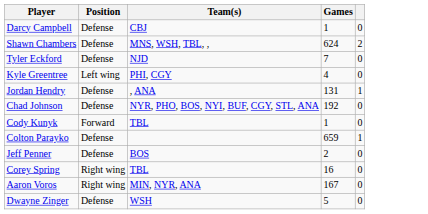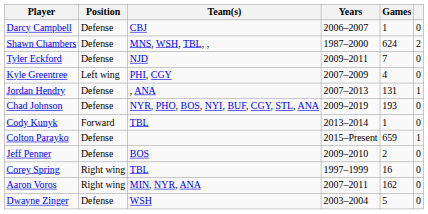 <table class="wikitable sortable">
 <tr>
 <th>Player</th>
 <th>Position</th>
 <th>Team(s)</th>
+<th>Years</th>
 <th>Games</th>
 <th><a href='#'></a></th>
 </tr>
 <tr>
 <td><a href='#'>Darcy Campbell</a></td>
 <td>Defense</td>
 <td><a href='#'>CBJ</a></td>
+<td>2006–2007</td>
 <td>1</td>
 <td>0</td>
 </tr>
 <tr>
 <td><a href='#'>Shawn Chambers</a></td>
 <td>Defense</td>
 <td><a href='#'>MNS</a>, <a href='#'>WSH</a>, <a href='#'>TBL</a>, <span><strong></strong></span>, <span><strong></strong></span></td>
+<td>1987–2000</td>
 <td>624</td>
 <td>2</td>
 </tr>
 <tr>
 <td><a href='#'>Tyler Eckford</a></td>
 <td>Defense</td>
 <td><a href='#'>NJD</a></td>
+<td>2009–2011</td>
 <td>7</td>
 <td>0</td>
 </tr>
 <tr>
 <td><a href='#'>Kyle Greentree</a></td>
 <td>Left wing</td>
 <td><a href='#'>PHI</a>, <a href='#'>CGY</a></td>
+<td>2007–2009</td>
 <td>4</td>
 <td>0</td>
 </tr>
 <tr>
 <td><a href='#'>Jordan Hendry</a></td>
 <td>Defense</td>
 <td><span><strong></strong></span>, <a href='#'>ANA</a></td>
+<td>2007–2013</td>
 <td>131</td>
 <td>1</td>
 </tr>
 <tr>
 <td><a href='#'>Chad Johnson</a></td>
 <td>Defense</td>
 <td><a href='#'>NYR</a>, <a href='#'>PHO</a>, <a href='#'>BOS</a>, <a href='#'>NYI</a>, <a href='#'>BUF</a>, <a href='#'>CGY</a>, <a href='#'>STL</a>, <a href='#'>ANA</a></td>
-<td>192</td>
+<td>2009–2019</td>
+<td>193</td>
 <td>0</td>
 </tr>
 <tr>
 <td><a href='#'>Cody Kunyk</a></td>
 <td>Forward</td>
 <td><a href='#'>TBL</a></td>
+<td>2013–2014</td>
 <td>1</td>
 <td>0</td>
 </tr>
 <tr>
 <td><a href='#'>Colton Parayko</a></td>
 <td>Defense</td>
 <td><span><strong></strong></span></td>
+<td>2015–Present</td>
 <td>659</td>
 <td>1</td>
 </tr>
 <tr>
 <td><a href='#'>Jeff Penner</a></td>
 <td>Defense</td>
 <td><a href='#'>BOS</a></td>
+<td>2009–2010</td>
 <td>2</td>
 <td>0</td>
 </tr>
 <tr>
 <td><a href='#'>Corey Spring</a></td>
 <td>Right wing</td>
 <td><a href='#'>TBL</a></td>
+<td>1997–1999</td>
 <td>16</td>
 <td>0</td>
 </tr>
 <tr>
 <td><a href='#'>Aaron Voros</a></td>
 <td>Right wing</td>
 <td><a href='#'>MIN</a>, <a href='#'>NYR</a>, <a href='#'>ANA</a></td>
-<td>167</td>
+<td>2007–2011</td>
+<td>162</td>
 <td>0</td>
 </tr>
 <tr>
 <td><a href='#'>Dwayne Zinger</a></td>
 <td>Defense</td>
 <td><a href='#'>WSH</a></td>
+<td>2003–2004</td>
 <td>5</td>
 <td>0</td>
 </tr>
 </table>
